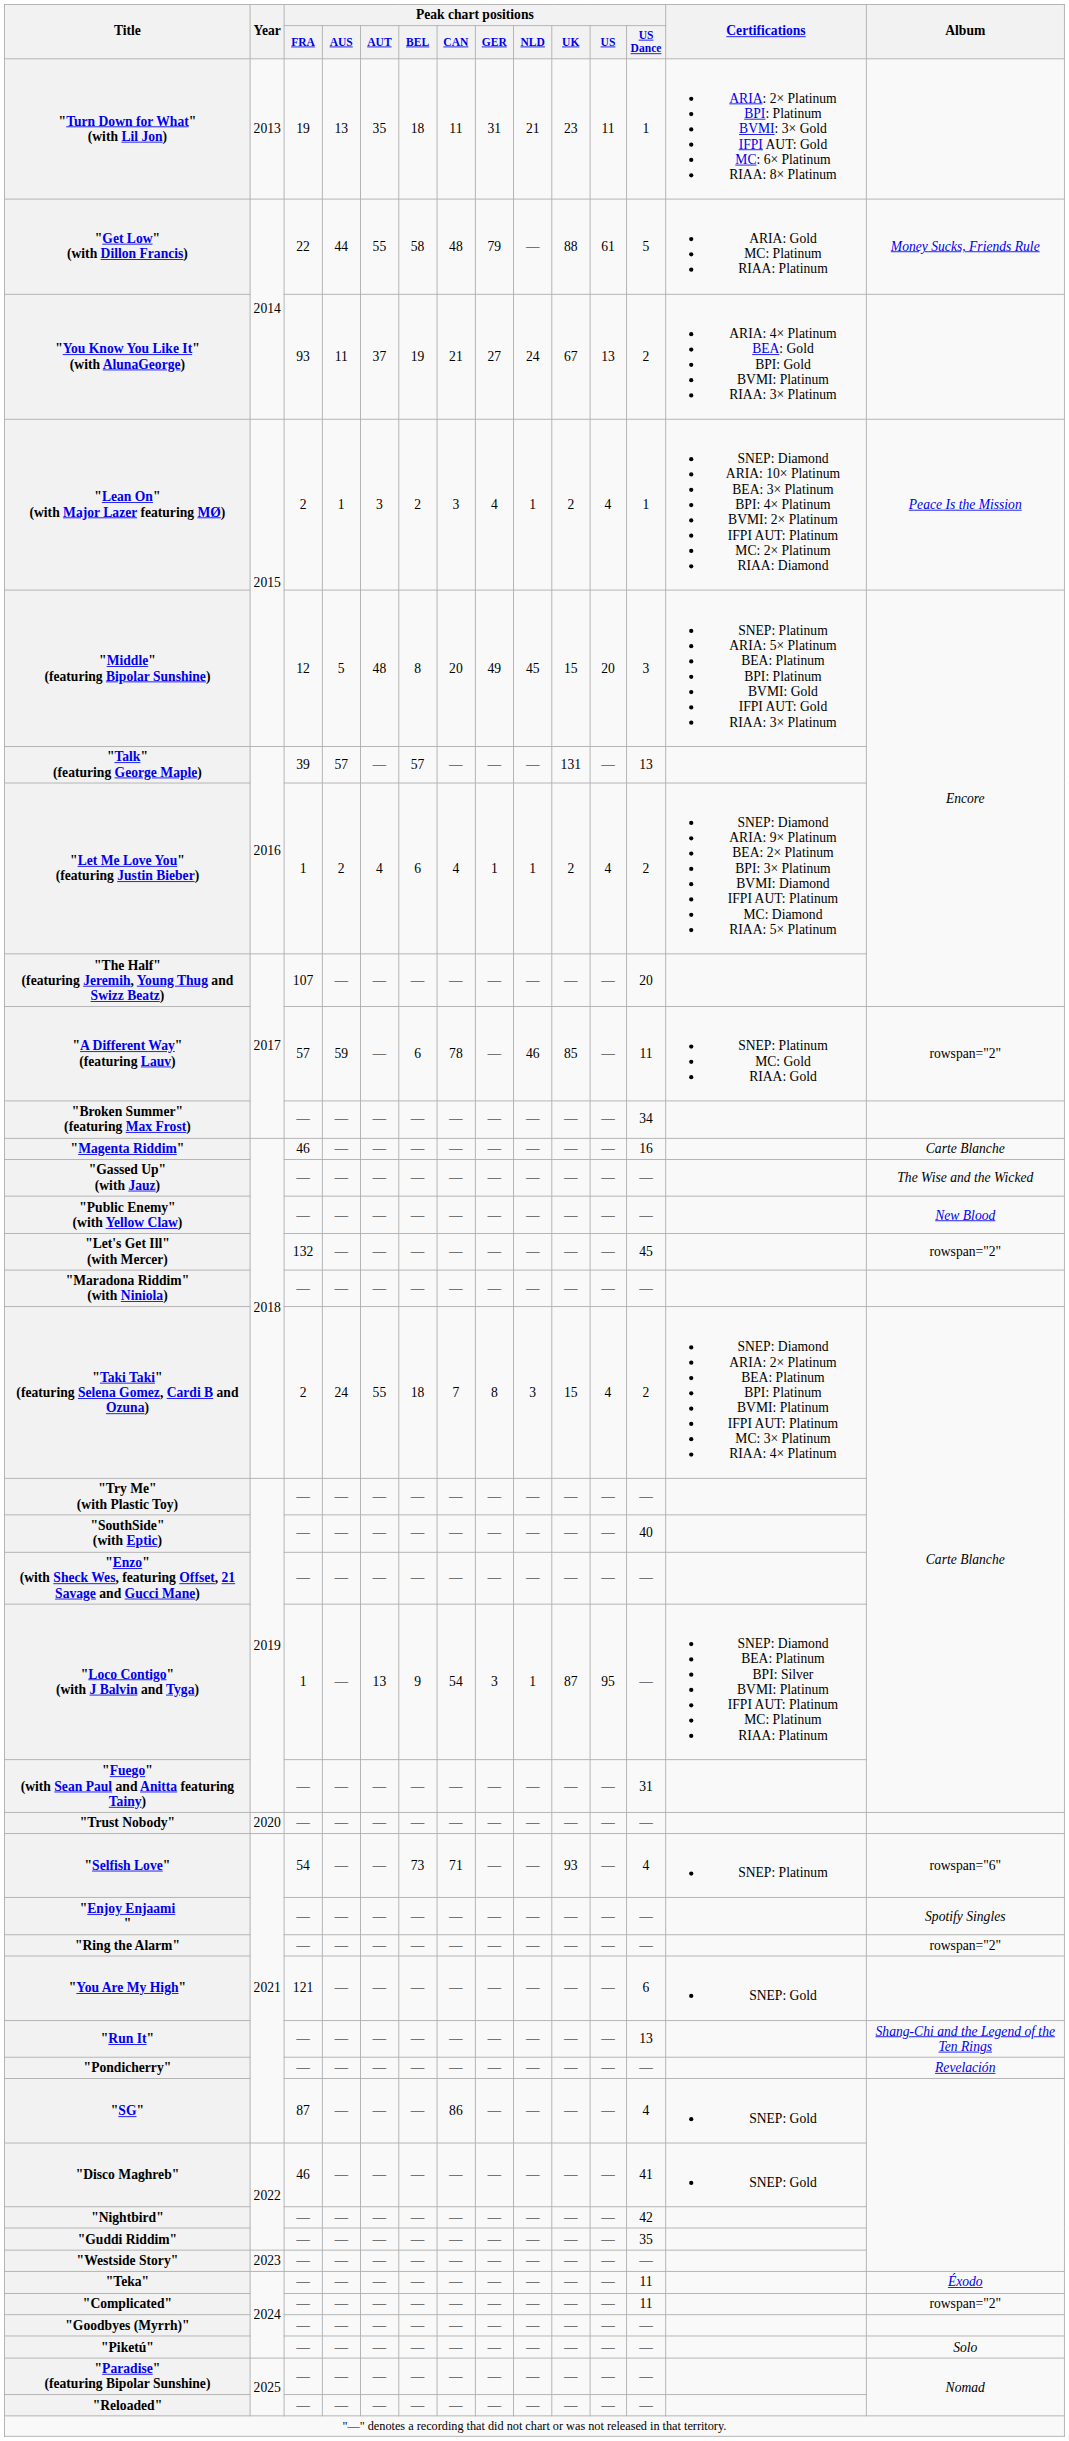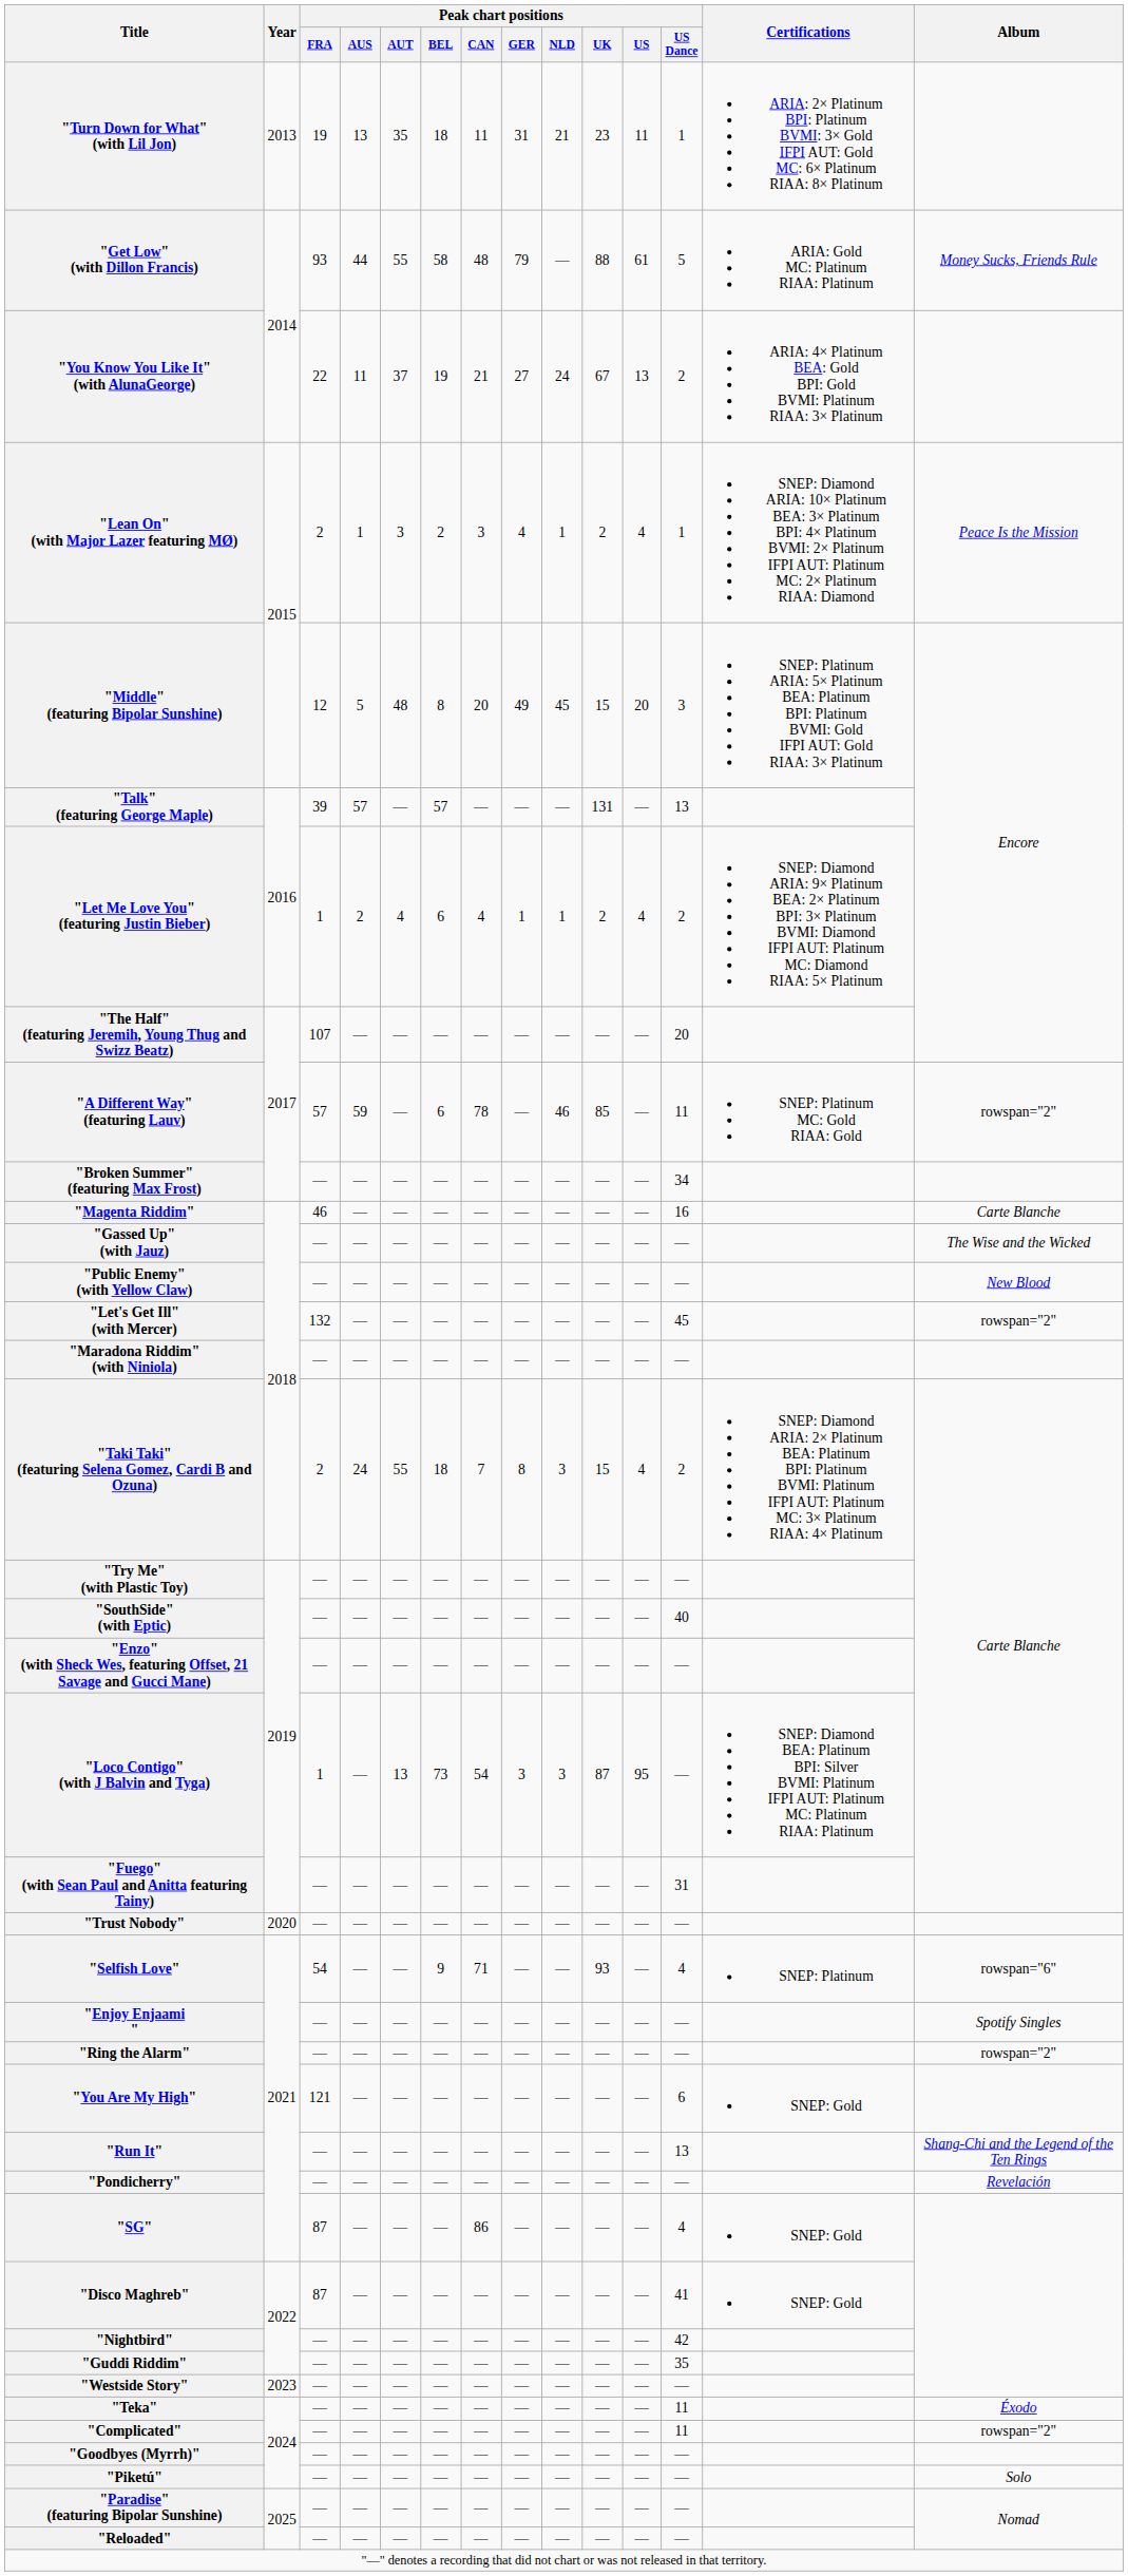 <table class="wikitable plainrowheaders" style="text-align:center;">
 <tr>
 <th scope="col" rowspan="2" style="width:20em;">Title</th>
 <th scope="col" rowspan="2" style="width:1em;">Year</th>
 <th scope="col" colspan="10">Peak chart positions</th>
 <th scope="col" rowspan="2" style="width:16em;"><a href='#'>Certifications</a></th>
 <th scope="col" rowspan="2" style="width:16em;">Album</th>
 </tr>
 <tr>
 <th scope="col" style="width:3em;font-size:85%;"><a href='#'>FRA</a><br></th>
 <th scope="col" style="width:3em;font-size:85%;"><a href='#'>AUS</a><br></th>
 <th scope="col" style="width:3em;font-size:85%;"><a href='#'>AUT</a><br></th>
 <th scope="col" style="width:3em;font-size:85%;"><a href='#'>BEL</a><br></th>
 <th scope="col" style="width:3em;font-size:85%;"><a href='#'>CAN</a><br></th>
 <th scope="col" style="width:3em;font-size:85%;"><a href='#'>GER</a><br></th>
 <th scope="col" style="width:3em;font-size:85%;"><a href='#'>NLD</a><br></th>
 <th scope="col" style="width:3em;font-size:85%;"><a href='#'>UK</a><br></th>
 <th scope="col" style="width:3em;font-size:85%;"><a href='#'>US</a><br></th>
 <th scope="col" style="width:3em;font-size:85%;"><a href='#'>US<br>Dance</a><br></th>
 </tr>
 <tr>
 <th scope="row">"<a href='#'>Turn Down for What</a>"<br><span>(with <a href='#'>Lil Jon</a>)</span></th>
 <td>2013</td>
 <td>19</td>
 <td>13</td>
 <td>35</td>
 <td>18</td>
 <td>11</td>
 <td>31</td>
 <td>21</td>
 <td>23</td>
 <td>11</td>
 <td>1</td>
 <td><br><ul><li><a href='#'>ARIA</a>: 2× Platinum</li><li><a href='#'>BPI</a>: Platinum</li><li><a href='#'>BVMI</a>: 3× Gold</li><li><a href='#'>IFPI</a> AUT: Gold</li><li><a href='#'>MC</a>: 6× Platinum</li><li>RIAA: 8× Platinum</li></ul></td>
 <td></td>
 </tr>
 <tr>
 <th scope="row">"<a href='#'>Get Low</a>"<br><span>(with <a href='#'>Dillon Francis</a>)</span></th>
 <td rowspan="2">2014</td>
-<td>22</td>
+<td>93</td>
 <td>44</td>
 <td>55</td>
 <td>58</td>
 <td>48</td>
 <td>79</td>
 <td>—</td>
 <td>88</td>
 <td>61</td>
 <td>5</td>
 <td><br><ul><li>ARIA: Gold</li><li>MC: Platinum</li><li>RIAA: Platinum</li></ul></td>
 <td><em><a href='#'>Money Sucks, Friends Rule</a></em></td>
 </tr>
 <tr>
 <th scope="row">"<a href='#'>You Know You Like It</a>"<br><span>(with <a href='#'>AlunaGeorge</a>)</span></th>
-<td>93</td>
+<td>22</td>
 <td>11</td>
 <td>37</td>
 <td>19</td>
 <td>21</td>
 <td>27</td>
 <td>24</td>
 <td>67</td>
 <td>13</td>
 <td>2</td>
 <td><br><ul><li>ARIA: 4× Platinum</li><li><a href='#'>BEA</a>: Gold</li><li>BPI: Gold</li><li>BVMI: Platinum</li><li>RIAA: 3× Platinum</li></ul></td>
 <td></td>
 </tr>
 <tr>
 <th scope="row">"<a href='#'>Lean On</a>"<br><span>(with <a href='#'>Major Lazer</a> featuring <a href='#'>MØ</a>)</span></th>
 <td rowspan="2">2015</td>
 <td>2</td>
 <td>1</td>
 <td>3</td>
 <td>2</td>
 <td>3</td>
 <td>4</td>
 <td>1</td>
 <td>2</td>
 <td>4</td>
 <td>1</td>
 <td><br><ul><li>SNEP: Diamond</li><li>ARIA: 10× Platinum</li><li>BEA: 3× Platinum</li><li>BPI: 4× Platinum</li><li>BVMI: 2× Platinum</li><li>IFPI AUT: Platinum</li><li>MC: 2× Platinum</li><li>RIAA: Diamond</li></ul></td>
 <td><em><a href='#'>Peace Is the Mission</a></em></td>
 </tr>
 <tr>
 <th scope="row">"<a href='#'>Middle</a>"<br><span>(featuring <a href='#'>Bipolar Sunshine</a>)</span></th>
 <td>12</td>
 <td>5</td>
 <td>48</td>
 <td>8</td>
 <td>20</td>
 <td>49</td>
 <td>45</td>
 <td>15</td>
 <td>20</td>
 <td>3</td>
 <td><br><ul><li>SNEP: Platinum</li><li>ARIA: 5× Platinum</li><li>BEA: Platinum</li><li>BPI: Platinum</li><li>BVMI: Gold</li><li>IFPI AUT: Gold</li><li>RIAA: 3× Platinum</li></ul></td>
 <td rowspan="4"><em>Encore</em></td>
 </tr>
 <tr>
 <th scope="row">"<a href='#'>Talk</a>"<br><span>(featuring <a href='#'>George Maple</a>)</span></th>
 <td rowspan="2">2016</td>
 <td>39</td>
 <td>57</td>
 <td>—</td>
 <td>57</td>
 <td>—</td>
 <td>—</td>
 <td>—</td>
 <td>131</td>
 <td>—</td>
 <td>13</td>
 <td></td>
 </tr>
 <tr>
 <th scope="row">"<a href='#'>Let Me Love You</a>"<br><span>(featuring <a href='#'>Justin Bieber</a>)</span></th>
 <td>1</td>
 <td>2</td>
 <td>4</td>
 <td>6</td>
 <td>4</td>
 <td>1</td>
 <td>1</td>
 <td>2</td>
 <td>4</td>
 <td>2</td>
 <td><br><ul><li>SNEP: Diamond</li><li>ARIA: 9× Platinum</li><li>BEA: 2× Platinum</li><li>BPI: 3× Platinum</li><li>BVMI: Diamond</li><li>IFPI AUT: Platinum</li><li>MC: Diamond</li><li>RIAA: 5× Platinum</li></ul></td>
 </tr>
 <tr>
 <th scope="row">"The Half"<br><span>(featuring <a href='#'>Jeremih</a>, <a href='#'>Young Thug</a> and <a href='#'>Swizz Beatz</a>)</span></th>
 <td rowspan="3">2017</td>
 <td>107</td>
 <td>—</td>
 <td>—</td>
 <td>—</td>
 <td>—</td>
 <td>—</td>
 <td>—</td>
 <td>—</td>
 <td>—</td>
 <td>20</td>
 <td></td>
 </tr>
 <tr>
 <th scope="row">"<a href='#'>A Different Way</a>"<br><span>(featuring <a href='#'>Lauv</a>)</span></th>
 <td>57</td>
 <td>59</td>
 <td>—</td>
 <td>6</td>
 <td>78</td>
 <td>—</td>
 <td>46</td>
 <td>85</td>
 <td>—</td>
 <td>11</td>
 <td><br><ul><li>SNEP: Platinum</li><li>MC: Gold</li><li>RIAA: Gold</li></ul></td>
 <td>rowspan="2" </td>
 </tr>
 <tr>
 <th scope="row">"Broken Summer"<br><span>(featuring <a href='#'>Max Frost</a>)</span></th>
 <td>—</td>
 <td>—</td>
 <td>—</td>
 <td>—</td>
 <td>—</td>
 <td>—</td>
 <td>—</td>
 <td>—</td>
 <td>—</td>
 <td>34</td>
 <td></td>
 </tr>
 <tr>
 <th scope="row">"<a href='#'>Magenta Riddim</a>"</th>
 <td rowspan="6">2018</td>
 <td>46</td>
 <td>—</td>
 <td>—</td>
 <td>—</td>
 <td>—</td>
 <td>—</td>
 <td>—</td>
 <td>—</td>
 <td>—</td>
 <td>16</td>
 <td></td>
 <td><em>Carte Blanche</em></td>
 </tr>
 <tr>
 <th scope="row">"Gassed Up"<br><span>(with <a href='#'>Jauz</a>)</span></th>
 <td>—</td>
 <td>—</td>
 <td>—</td>
 <td>—</td>
 <td>—</td>
 <td>—</td>
 <td>—</td>
 <td>—</td>
 <td>—</td>
 <td>—</td>
 <td></td>
 <td><em>The Wise and the Wicked</em></td>
 </tr>
 <tr>
 <th scope="row">"Public Enemy"<br><span>(with <a href='#'>Yellow Claw</a>)</span></th>
 <td>—</td>
 <td>—</td>
 <td>—</td>
 <td>—</td>
 <td>—</td>
 <td>—</td>
 <td>—</td>
 <td>—</td>
 <td>—</td>
 <td>—</td>
 <td></td>
 <td><em><a href='#'>New Blood</a></em></td>
 </tr>
 <tr>
 <th scope="row">"Let's Get Ill"<br><span>(with Mercer)</span></th>
 <td>132</td>
 <td>—</td>
 <td>—</td>
 <td>—</td>
 <td>—</td>
 <td>—</td>
 <td>—</td>
 <td>—</td>
 <td>—</td>
 <td>45</td>
 <td></td>
 <td>rowspan="2" </td>
 </tr>
 <tr>
 <th scope="row">"Maradona Riddim"<br><span>(with <a href='#'>Niniola</a>)</span></th>
 <td>—</td>
 <td>—</td>
 <td>—</td>
 <td>—</td>
 <td>—</td>
 <td>—</td>
 <td>—</td>
 <td>—</td>
 <td>—</td>
 <td>—</td>
 <td></td>
 </tr>
 <tr>
 <th scope="row">"<a href='#'>Taki Taki</a>"<br><span>(featuring <a href='#'>Selena Gomez</a>, <a href='#'>Cardi B</a> and <a href='#'>Ozuna</a>)</span></th>
 <td>2</td>
 <td>24</td>
 <td>55</td>
 <td>18</td>
 <td>7</td>
 <td>8</td>
 <td>3</td>
 <td>15</td>
 <td>4</td>
 <td>2</td>
 <td><br><ul><li>SNEP: Diamond</li><li>ARIA: 2× Platinum</li><li>BEA: Platinum</li><li>BPI: Platinum</li><li>BVMI: Platinum</li><li>IFPI AUT: Platinum</li><li>MC: 3× Platinum</li><li>RIAA: 4× Platinum</li></ul></td>
 <td rowspan="6"><em>Carte Blanche</em></td>
 </tr>
 <tr>
 <th scope="row">"Try Me" <br><span>(with Plastic Toy)</span></th>
 <td rowspan="5">2019</td>
 <td>—</td>
 <td>—</td>
 <td>—</td>
 <td>—</td>
 <td>—</td>
 <td>—</td>
 <td>—</td>
 <td>—</td>
 <td>—</td>
 <td>—</td>
 <td></td>
 </tr>
 <tr>
 <th scope="row">"SouthSide" <br><span>(with <a href='#'>Eptic</a>)</span></th>
 <td>—</td>
 <td>—</td>
 <td>—</td>
 <td>—</td>
 <td>—</td>
 <td>—</td>
 <td>—</td>
 <td>—</td>
 <td>—</td>
 <td>40</td>
 <td></td>
 </tr>
 <tr>
 <th scope="row">"<a href='#'>Enzo</a>" <br><span>(with <a href='#'>Sheck Wes</a>, featuring <a href='#'>Offset</a>, <a href='#'>21 Savage</a> and <a href='#'>Gucci Mane</a>)</span></th>
 <td>—</td>
 <td>—</td>
 <td>—</td>
 <td>—</td>
 <td>—</td>
 <td>—</td>
 <td>—</td>
 <td>—</td>
 <td>—</td>
 <td>—</td>
 <td></td>
 </tr>
 <tr>
 <th scope="row">"<a href='#'>Loco Contigo</a>" <br><span>(with <a href='#'>J Balvin</a> and <a href='#'>Tyga</a>)</span></th>
 <td>1</td>
 <td>—</td>
 <td>13</td>
-<td>9</td>
+<td>73</td>
 <td>54</td>
 <td>3</td>
-<td>1</td>
+<td>3</td>
 <td>87</td>
 <td>95</td>
 <td>—</td>
 <td><br><ul><li>SNEP: Diamond</li><li>BEA: Platinum</li><li>BPI: Silver</li><li>BVMI: Platinum</li><li>IFPI AUT: Platinum</li><li>MC: Platinum</li><li>RIAA: Platinum</li></ul></td>
 </tr>
 <tr>
 <th scope="row">"<a href='#'>Fuego</a>"<br><span>(with <a href='#'>Sean Paul</a> and <a href='#'>Anitta</a> featuring <a href='#'>Tainy</a>)</span></th>
 <td>—</td>
 <td>—</td>
 <td>—</td>
 <td>—</td>
 <td>—</td>
 <td>—</td>
 <td>—</td>
 <td>—</td>
 <td>—</td>
 <td>31</td>
 <td></td>
 </tr>
 <tr>
 <th scope="row">"Trust Nobody"</th>
 <td>2020</td>
 <td>—</td>
 <td>—</td>
 <td>—</td>
 <td>—</td>
 <td>—</td>
 <td>—</td>
 <td>—</td>
 <td>—</td>
 <td>—</td>
 <td>—</td>
 <td></td>
 <td></td>
 </tr>
 <tr>
 <th scope="row">"<a href='#'>Selfish Love</a>"<br></th>
 <td rowspan="7">2021</td>
 <td>54</td>
 <td>—</td>
 <td>—</td>
-<td>73</td>
+<td>9</td>
 <td>71</td>
 <td>—</td>
 <td>—</td>
 <td>93</td>
 <td>—</td>
 <td>4</td>
 <td><br><ul><li>SNEP: Platinum</li></ul></td>
 <td>rowspan="6" </td>
 </tr>
 <tr>
 <th scope="row">"<a href='#'>Enjoy Enjaami</a> <br>"</th>
 <td>—</td>
 <td>—</td>
 <td>—</td>
 <td>—</td>
 <td>—</td>
 <td>—</td>
 <td>—</td>
 <td>—</td>
 <td>—</td>
 <td>—</td>
 <td></td>
 <td><em>Spotify Singles</em></td>
 </tr>
 <tr>
 <th scope="row">"Ring the Alarm" <br></th>
 <td>—</td>
 <td>—</td>
 <td>—</td>
 <td>—</td>
 <td>—</td>
 <td>—</td>
 <td>—</td>
 <td>—</td>
 <td>—</td>
 <td>—</td>
 <td></td>
 <td>rowspan="2" </td>
 </tr>
 <tr>
 <th scope="row">"<a href='#'>You Are My High</a>"</th>
 <td>121</td>
 <td>—</td>
 <td>—</td>
 <td>—</td>
 <td>—</td>
 <td>—</td>
 <td>—</td>
 <td>—</td>
 <td>—</td>
 <td>6</td>
 <td><br><ul><li>SNEP: Gold</li></ul></td>
 </tr>
 <tr>
 <th scope="row">"<a href='#'>Run It</a>" <br></th>
 <td>—</td>
 <td>—</td>
 <td>—</td>
 <td>—</td>
 <td>—</td>
 <td>—</td>
 <td>—</td>
 <td>—</td>
 <td>—</td>
 <td>13</td>
 <td></td>
 <td><em><a href='#'>Shang-Chi and the Legend of the Ten Rings</a></em></td>
 </tr>
 <tr>
 <th scope="row">"Pondicherry" <br></th>
 <td>—</td>
 <td>—</td>
 <td>—</td>
 <td>—</td>
 <td>—</td>
 <td>—</td>
 <td>—</td>
 <td>—</td>
 <td>—</td>
 <td>―</td>
 <td></td>
 <td><em><a href='#'>Revelación</a></em></td>
 </tr>
 <tr>
 <th scope="row">"<a href='#'>SG</a>"<br></th>
 <td>87</td>
 <td>—</td>
 <td>—</td>
 <td>—</td>
 <td>86</td>
 <td>—</td>
 <td>—</td>
 <td>—</td>
 <td>—</td>
 <td>4</td>
 <td><br><ul><li>SNEP: Gold</li></ul></td>
 </tr>
 <tr>
 <th scope="row">"Disco Maghreb"</th>
 <td rowspan="3">2022</td>
-<td>46</td>
+<td>87</td>
 <td>—</td>
 <td>—</td>
 <td>—</td>
 <td>—</td>
 <td>—</td>
 <td>—</td>
 <td>—</td>
 <td>—</td>
 <td>41</td>
 <td><br><ul><li>SNEP: Gold</li></ul></td>
 </tr>
 <tr>
 <th scope="row">"Nightbird"</th>
 <td>—</td>
 <td>—</td>
 <td>—</td>
 <td>—</td>
 <td>—</td>
 <td>—</td>
 <td>—</td>
 <td>—</td>
 <td>—</td>
 <td>42</td>
 <td></td>
 </tr>
 <tr>
 <th scope="row">"Guddi Riddim"<br></th>
 <td>—</td>
 <td>—</td>
 <td>—</td>
 <td>—</td>
 <td>—</td>
 <td>—</td>
 <td>—</td>
 <td>—</td>
 <td>—</td>
 <td>35</td>
 <td></td>
 </tr>
 <tr>
 <th scope="row">"Westside Story"</th>
 <td>2023</td>
 <td>—</td>
 <td>—</td>
 <td>—</td>
 <td>—</td>
 <td>—</td>
 <td>—</td>
 <td>—</td>
 <td>—</td>
 <td>—</td>
 <td>—</td>
 <td></td>
 </tr>
 <tr>
 <th scope="row">"Teka"<br></th>
 <td rowspan="4">2024</td>
 <td>—</td>
 <td>—</td>
 <td>—</td>
 <td>—</td>
 <td>—</td>
 <td>—</td>
 <td>—</td>
 <td>—</td>
 <td>—</td>
 <td>11</td>
 <td></td>
 <td><em><a href='#'>Éxodo</a></em></td>
 </tr>
 <tr>
 <th scope="row">"Complicated"<br></th>
 <td>—</td>
 <td>—</td>
 <td>—</td>
 <td>—</td>
 <td>—</td>
 <td>—</td>
 <td>—</td>
 <td>—</td>
 <td>—</td>
 <td>11</td>
 <td></td>
 <td>rowspan="2" </td>
 </tr>
 <tr>
 <th scope="row">"Goodbyes (Myrrh)"<br></th>
 <td>—</td>
 <td>—</td>
 <td>—</td>
 <td>—</td>
 <td>—</td>
 <td>—</td>
 <td>—</td>
 <td>—</td>
 <td>—</td>
 <td>—</td>
 <td></td>
 </tr>
 <tr>
 <th scope="row">"Piketú"<br></th>
 <td>—</td>
 <td>—</td>
 <td>—</td>
 <td>—</td>
 <td>—</td>
 <td>—</td>
 <td>—</td>
 <td>—</td>
 <td>—</td>
 <td>—</td>
 <td></td>
 <td><em>Solo</em></td>
 </tr>
 <tr>
 <th scope="row">"<a href='#'>Paradise</a>"<br><span>(featuring Bipolar Sunshine)</span></th>
 <td rowspan="2">2025</td>
 <td>—</td>
 <td>—</td>
 <td>—</td>
 <td>—</td>
 <td>—</td>
 <td>—</td>
 <td>—</td>
 <td>—</td>
 <td>—</td>
 <td>—</td>
 <td></td>
 <td rowspan="2"><em>Nomad</em></td>
 </tr>
 <tr>
 <th scope="row">"Reloaded"<br></th>
 <td>—</td>
 <td>—</td>
 <td>—</td>
 <td>—</td>
 <td>—</td>
 <td>—</td>
 <td>—</td>
 <td>—</td>
 <td>—</td>
 <td>—</td>
 <td></td>
 </tr>
 <tr>
 <td colspan="14" style="font-size:90%">"—" denotes a recording that did not chart or was not released in that territory.</td>
 </tr>
 </table>
